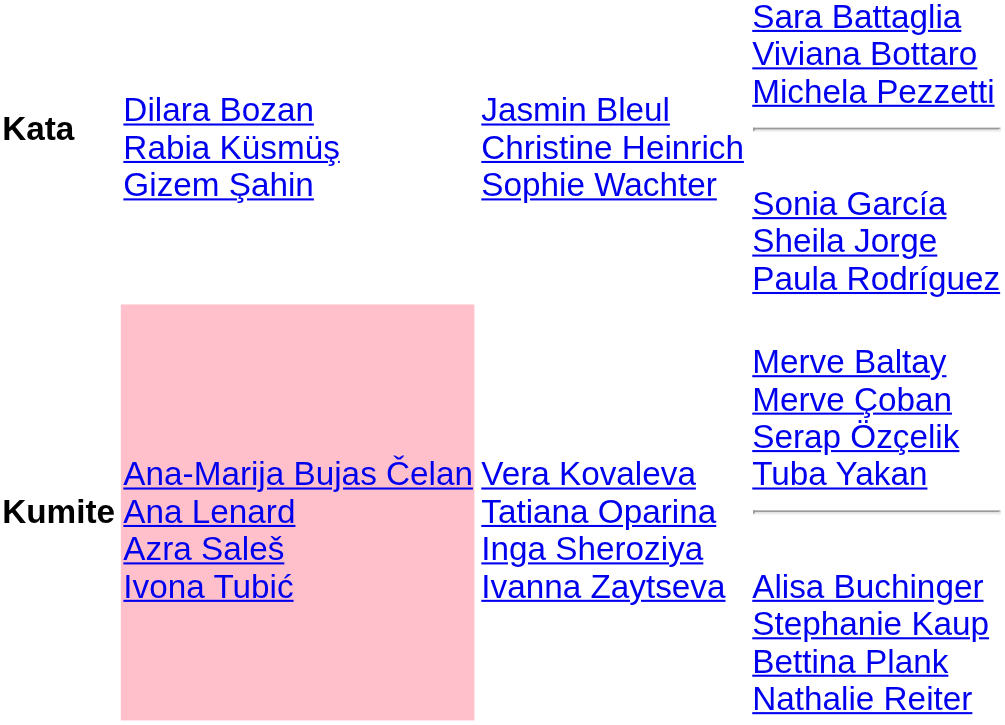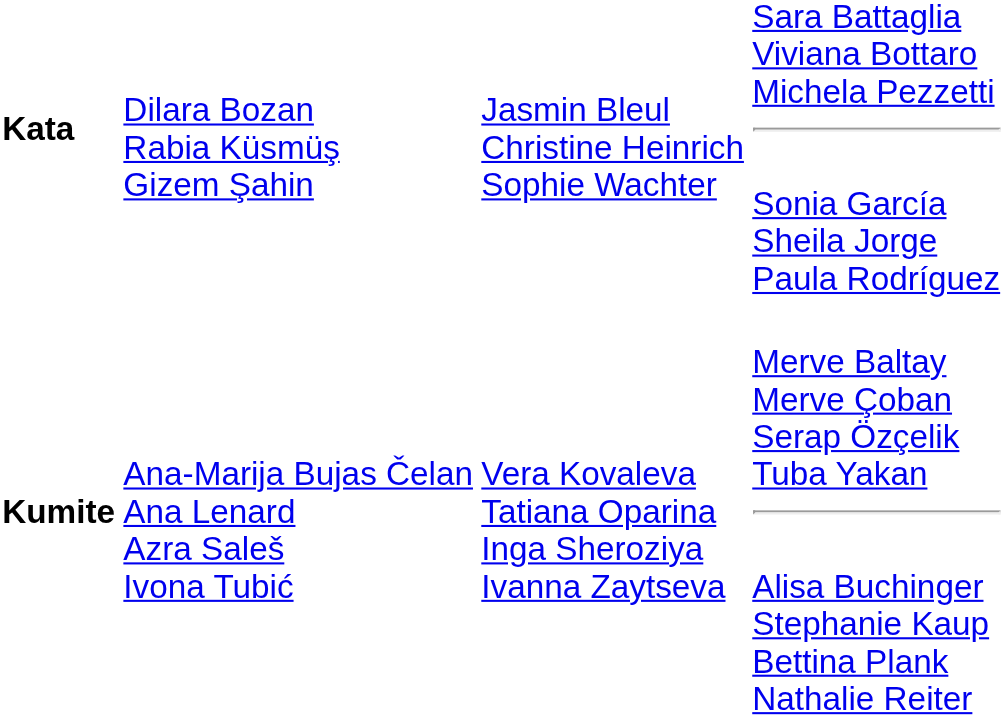 <table>
 <tr>
 <td><strong>Kata</strong></td>
 <td><br><a href='#'>Dilara Bozan</a><br><a href='#'>Rabia Küsmüş</a><br><a href='#'>Gizem Şahin</a></td>
 <td><br><a href='#'>Jasmin Bleul</a><br><a href='#'>Christine Heinrich</a><br><a href='#'>Sophie Wachter</a></td>
 <td><br><a href='#'>Sara Battaglia</a><br><a href='#'>Viviana Bottaro</a><br><a href='#'>Michela Pezzetti</a><hr><br><a href='#'>Sonia García</a><br><a href='#'>Sheila Jorge</a><br><a href='#'>Paula Rodríguez</a></td>
 </tr>
 <tr>
 <td><strong>Kumite</strong></td>
-<td style="background: pink;"><br><a href='#'>Ana-Marija Bujas Čelan</a><br><a href='#'>Ana Lenard</a><br><a href='#'>Azra Saleš</a><br><a href='#'>Ivona Tubić</a></td>
+<td><br><a href='#'>Ana-Marija Bujas Čelan</a><br><a href='#'>Ana Lenard</a><br><a href='#'>Azra Saleš</a><br><a href='#'>Ivona Tubić</a></td>
 <td><br><a href='#'>Vera Kovaleva</a><br><a href='#'>Tatiana Oparina</a><br><a href='#'>Inga Sheroziya</a><br><a href='#'>Ivanna Zaytseva</a></td>
 <td><br><a href='#'>Merve Baltay</a><br><a href='#'>Merve Çoban</a><br><a href='#'>Serap Özçelik</a><br><a href='#'>Tuba Yakan</a><hr><br><a href='#'>Alisa Buchinger</a><br><a href='#'>Stephanie Kaup</a><br><a href='#'>Bettina Plank</a><br><a href='#'>Nathalie Reiter</a></td>
 </tr>
 </table>
